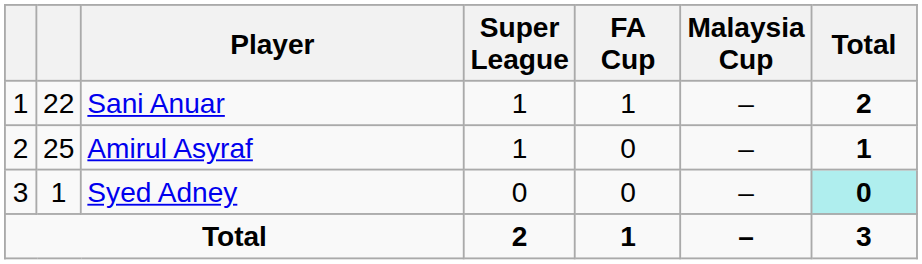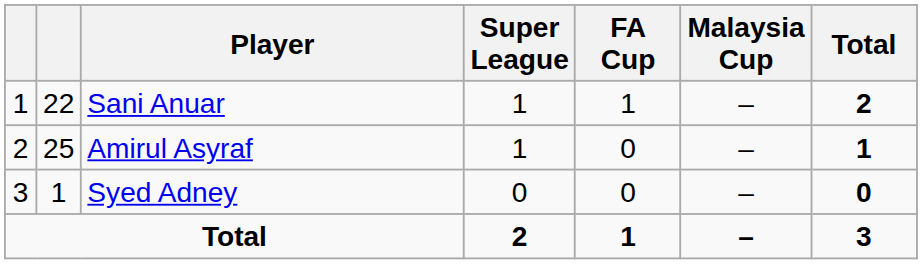 <table class="wikitable sortable" style="font-size: 95%; text-align: center;">
 <tr>
 <th width=10></th>
 <th width=10></th>
 <th width=200>Player</th>
 <th width=50>Super League</th>
 <th width=50>FA Cup</th>
 <th width=50>Malaysia Cup</th>
 <th width=50>Total</th>
 </tr>
 <tr>
 <td>1</td>
 <td>22</td>
 <td align=left> <a href='#'>Sani Anuar</a></td>
 <td>1</td>
 <td>1</td>
 <td>–</td>
 <td><strong>2</strong></td>
 </tr>
 <tr>
 <td>2</td>
 <td>25</td>
 <td align=left> <a href='#'>Amirul Asyraf</a></td>
 <td>1</td>
 <td>0</td>
 <td>–</td>
 <td><strong>1</strong></td>
 </tr>
 <tr>
 <td>3</td>
 <td>1</td>
 <td align=left> <a href='#'>Syed Adney</a></td>
 <td>0</td>
 <td>0</td>
 <td>–</td>
-<td style="background: paleturquoise;"><strong>0</strong></td>
+<td><strong>0</strong></td>
 </tr>
 <tr>
 <td colspan="3"><strong>Total</strong></td>
 <td><strong>2</strong></td>
 <td><strong>1</strong></td>
 <td><strong>–</strong></td>
 <td><strong>3</strong></td>
 </tr>
 </table>
